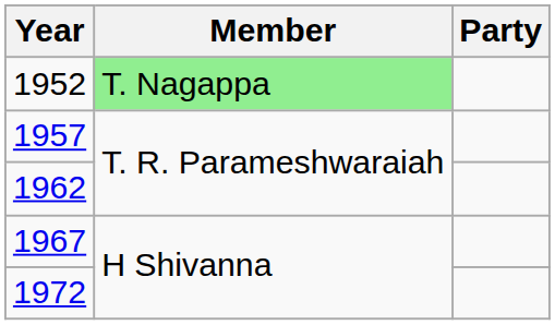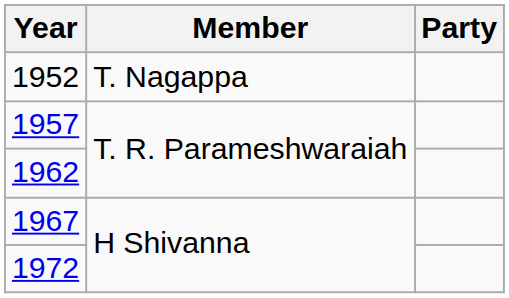 <table class="wikitable sortable">
 <tr>
 <th>Year</th>
 <th>Member</th>
 <th colspan="2">Party</th>
 </tr>
 <tr>
 <td>1952</td>
-<td style="background: lightgreen;">T. Nagappa</td>
+<td>T. Nagappa</td>
 <td></td>
 </tr>
 <tr>
 <td><a href='#'>1957</a></td>
 <td rowspan="2">T. R. Parameshwaraiah</td>
 <td></td>
 </tr>
 <tr>
 <td><a href='#'>1962</a></td>
 </tr>
 <tr>
 <td><a href='#'>1967</a></td>
 <td rowspan="2">H Shivanna</td>
 <td></td>
 </tr>
 <tr>
 <td><a href='#'>1972</a></td>
 <td></td>
 </tr>
 </table>
